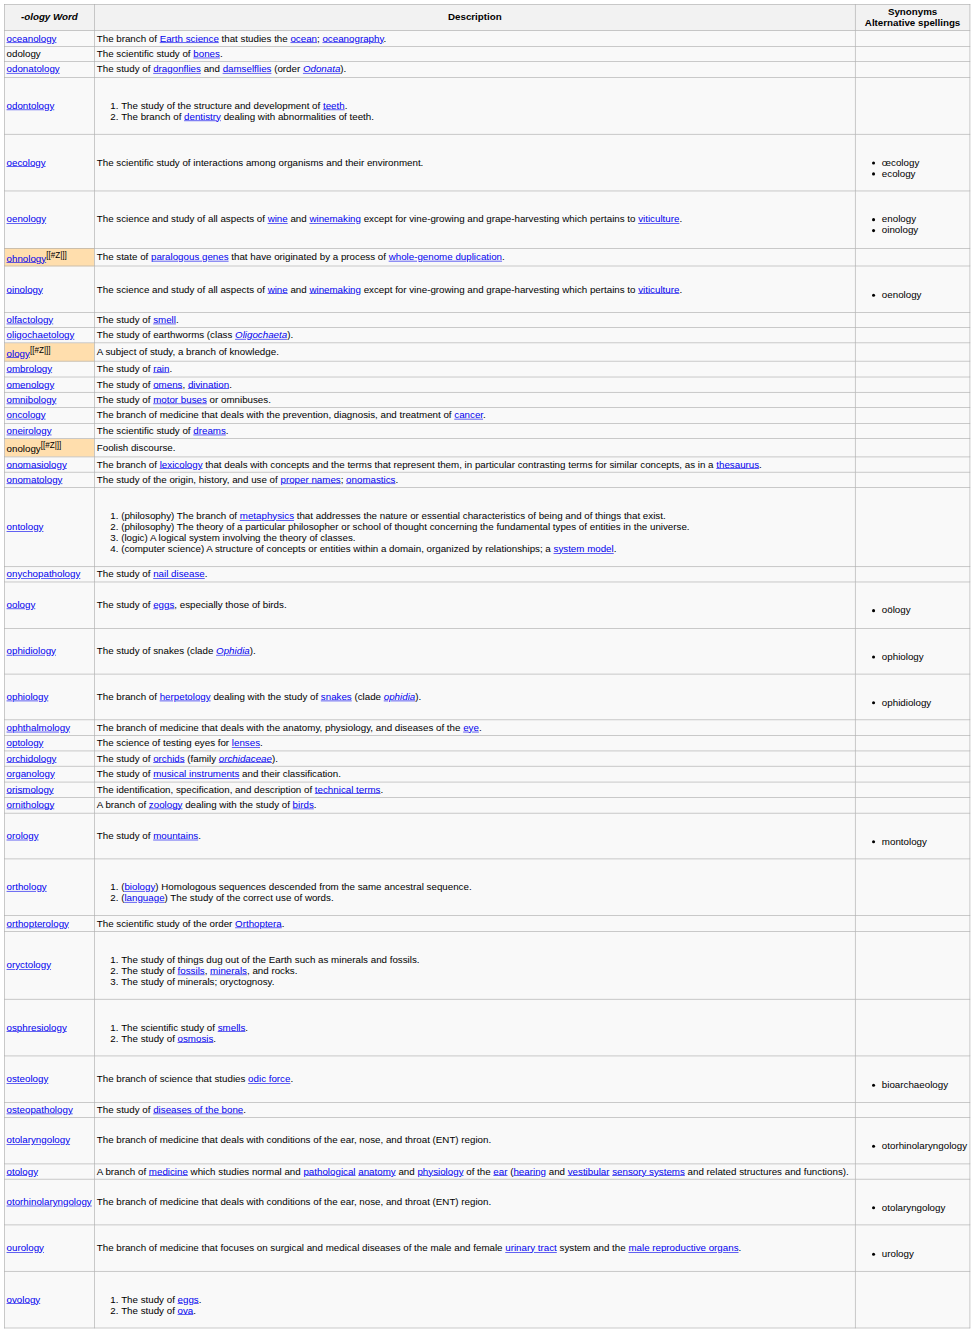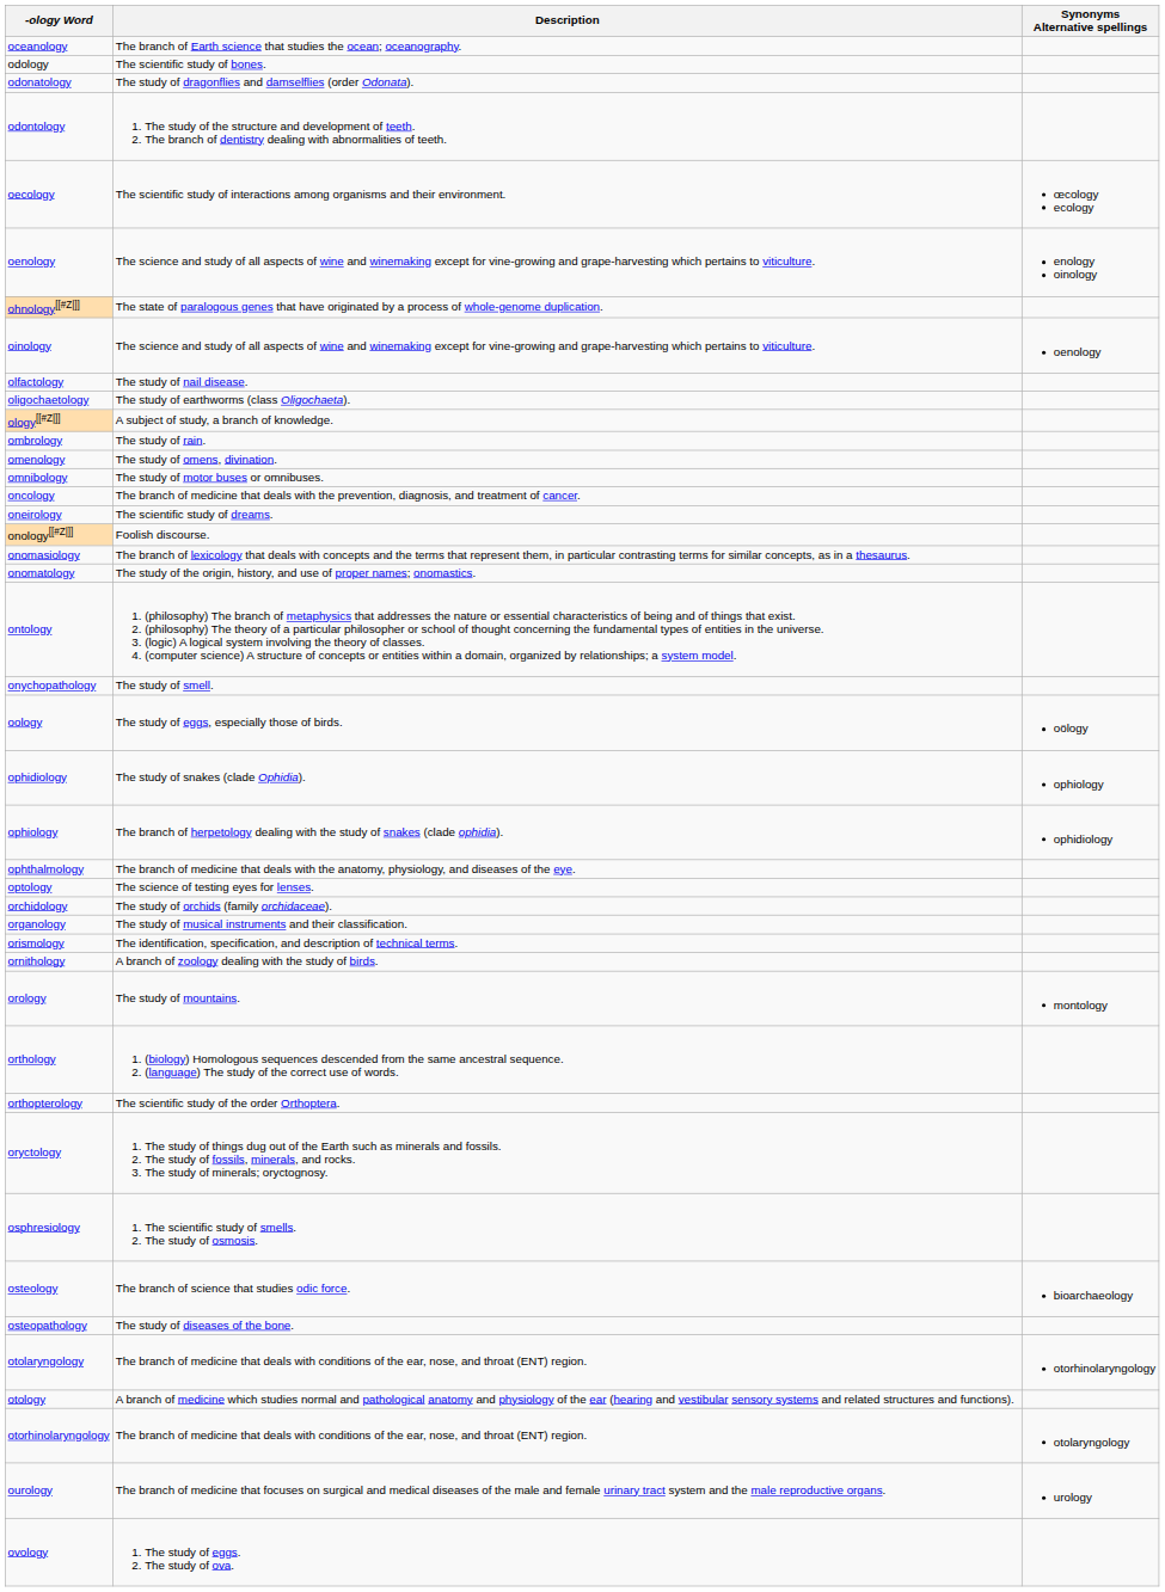 <table class="wikitable" style="width:100%;">
 <tr>
 <th><em>-ology Word</em></th>
 <th>Description</th>
 <th>Synonyms<br>Alternative spellings</th>
 </tr>
 <tr>
 <td><a href='#'>oceanology</a></td>
 <td>The branch of <a href='#'>Earth science</a> that studies the <a href='#'>ocean</a>; <a href='#'>oceanography</a>.</td>
 <td></td>
 </tr>
 <tr>
 <td>odology</td>
 <td>The scientific study of <a href='#'>bones</a>.</td>
 <td></td>
 </tr>
 <tr>
 <td><a href='#'>odonatology</a></td>
 <td>The study of <a href='#'>dragonflies</a> and <a href='#'>damselflies</a> (order <em><a href='#'>Odonata</a></em>).</td>
 <td></td>
 </tr>
 <tr>
 <td><a href='#'>odontology</a></td>
 <td><br><ol><li>The study of the structure and development of <a href='#'>teeth</a>.</li><li>The branch of <a href='#'>dentistry</a> dealing with abnormalities of teeth.</li></ol></td>
 <td></td>
 </tr>
 <tr>
 <td><a href='#'>oecology</a></td>
 <td>The scientific study of interactions among organisms and their environment.</td>
 <td><br><ul><li>œcology</li><li>ecology</li></ul></td>
 </tr>
 <tr>
 <td><a href='#'>oenology</a></td>
 <td>The science and study of all aspects of <a href='#'>wine</a> and <a href='#'>winemaking</a> except for vine-growing and grape-harvesting which pertains to <a href='#'>viticulture</a>.</td>
 <td><br><ul><li>enology</li><li>oinology</li></ul></td>
 </tr>
 <tr>
 <td style="background: #ffdead"><a href='#'>ohnology</a><sup>[[#Z|]]</sup></td>
 <td>The state of <a href='#'>paralogous genes</a> that have originated by a process of <a href='#'>whole-genome duplication</a>.</td>
 <td></td>
 </tr>
 <tr>
 <td><a href='#'>oinology</a></td>
 <td>The science and study of all aspects of <a href='#'>wine</a> and <a href='#'>winemaking</a> except for vine-growing and grape-harvesting which pertains to <a href='#'>viticulture</a>.</td>
 <td><br><ul><li>oenology</li></ul></td>
 </tr>
 <tr>
 <td><a href='#'>olfactology</a></td>
-<td>The study of <a href='#'>smell</a>.</td>
+<td>The study of <a href='#'>nail disease</a>.</td>
 <td></td>
 </tr>
 <tr>
 <td><a href='#'>oligochaetology</a></td>
 <td>The study of earthworms (class <em><a href='#'>Oligochaeta</a></em>).</td>
 <td></td>
 </tr>
 <tr>
 <td style="background: #ffdead"><a href='#'>ology</a><sup>[[#Z|]]</sup></td>
 <td>A subject of study, a branch of knowledge.</td>
 <td></td>
 </tr>
 <tr>
 <td><a href='#'>ombrology</a></td>
 <td>The study of <a href='#'>rain</a>.</td>
 <td></td>
 </tr>
 <tr>
 <td><a href='#'>omenology</a></td>
 <td>The study of <a href='#'>omens</a>, <a href='#'>divination</a>.</td>
 <td></td>
 </tr>
 <tr>
 <td><a href='#'>omnibology</a></td>
 <td>The study of <a href='#'>motor buses</a> or omnibuses.</td>
 <td></td>
 </tr>
 <tr>
 <td><a href='#'>oncology</a></td>
 <td>The branch of medicine that deals with the prevention, diagnosis, and treatment of <a href='#'>cancer</a>.</td>
 <td></td>
 </tr>
 <tr>
 <td><a href='#'>oneirology</a></td>
 <td>The scientific study of <a href='#'>dreams</a>.</td>
 <td></td>
 </tr>
 <tr>
 <td style="background: #ffdead">onology<sup>[[#Z|]]</sup></td>
 <td>Foolish discourse.</td>
 <td></td>
 </tr>
 <tr>
 <td><a href='#'>onomasiology</a></td>
 <td>The branch of <a href='#'>lexicology</a> that deals with concepts and the terms that represent them, in particular contrasting terms for similar concepts, as in a <a href='#'>thesaurus</a>.</td>
 <td></td>
 </tr>
 <tr>
 <td><a href='#'>onomatology</a></td>
 <td>The study of the origin, history, and use of <a href='#'>proper names</a>; <a href='#'>onomastics</a>.</td>
 <td></td>
 </tr>
 <tr>
 <td><a href='#'>ontology</a></td>
 <td><br><ol><li>(philosophy) The branch of <a href='#'>metaphysics</a> that addresses the nature or essential characteristics of being and of things that exist.</li><li>(philosophy) The theory of a particular philosopher or school of thought concerning the fundamental types of entities in the universe.</li><li>(logic) A logical system involving the theory of classes.</li><li>(computer science) A structure of concepts or entities within a domain, organized by relationships; a <a href='#'>system model</a>.</li></ol></td>
 <td></td>
 </tr>
 <tr>
 <td><a href='#'>onychopathology</a></td>
-<td>The study of <a href='#'>nail disease</a>.</td>
+<td>The study of <a href='#'>smell</a>.</td>
 <td></td>
 </tr>
 <tr>
 <td><a href='#'>oology</a></td>
 <td>The study of <a href='#'>eggs</a>, especially those of birds.</td>
 <td><br><ul><li>oölogy</li></ul></td>
 </tr>
 <tr>
 <td><a href='#'>ophidiology</a></td>
 <td>The study of snakes (clade <em><a href='#'>Ophidia</a></em>).</td>
 <td><br><ul><li>ophiology</li></ul></td>
 </tr>
 <tr>
 <td><a href='#'>ophiology</a></td>
 <td>The branch of <a href='#'>herpetology</a> dealing with the study of <a href='#'>snakes</a> (clade <em><a href='#'>ophidia</a></em>).</td>
 <td><br><ul><li>ophidiology</li></ul></td>
 </tr>
 <tr>
 <td><a href='#'>ophthalmology</a></td>
 <td>The branch of medicine that deals with the anatomy, physiology, and diseases of the <a href='#'>eye</a>.</td>
 <td></td>
 </tr>
 <tr>
 <td><a href='#'>optology</a></td>
 <td>The science of testing eyes for <a href='#'>lenses</a>.</td>
 <td></td>
 </tr>
 <tr>
 <td><a href='#'>orchidology</a></td>
 <td>The study of <a href='#'>orchids</a> (family <em><a href='#'>orchidaceae</a></em>).</td>
 <td></td>
 </tr>
 <tr>
 <td><a href='#'>organology</a></td>
 <td>The study of <a href='#'>musical instruments</a> and their classification.</td>
 <td></td>
 </tr>
 <tr>
 <td><a href='#'>orismology</a></td>
 <td>The identification, specification, and description of <a href='#'>technical terms</a>.</td>
 <td></td>
 </tr>
 <tr>
 <td><a href='#'>ornithology</a></td>
 <td>A branch of <a href='#'>zoology</a> dealing with the study of <a href='#'>birds</a>.</td>
 <td></td>
 </tr>
 <tr>
 <td><a href='#'>orology</a></td>
 <td>The study of <a href='#'>mountains</a>.</td>
 <td><br><ul><li>montology</li></ul></td>
 </tr>
 <tr>
 <td><a href='#'>orthology</a></td>
 <td><br><ol><li>(<a href='#'>biology</a>) Homologous sequences descended from the same ancestral sequence.</li><li>(<a href='#'>language</a>) The study of the correct use of words.</li></ol></td>
 <td></td>
 </tr>
 <tr>
 <td><a href='#'>orthopterology</a></td>
 <td>The scientific study of the order <a href='#'>Orthoptera</a>.</td>
 <td></td>
 </tr>
 <tr>
 <td><a href='#'>oryctology</a></td>
 <td><br><ol><li>The study of things dug out of the Earth such as minerals and fossils.</li><li>The study of <a href='#'>fossils</a>, <a href='#'>minerals</a>, and rocks.</li><li>The study of minerals; oryctognosy.</li></ol></td>
 <td></td>
 </tr>
 <tr>
 <td><a href='#'>osphresiology</a></td>
 <td><br><ol><li>The scientific study of <a href='#'>smells</a>.</li><li>The study of <a href='#'>osmosis</a>.</li></ol></td>
 <td></td>
 </tr>
 <tr>
 <td><a href='#'>osteology</a></td>
 <td>The branch of science that studies <a href='#'>odic force</a>.</td>
 <td><br><ul><li>bioarchaeology</li></ul></td>
 </tr>
 <tr>
 <td><a href='#'>osteopathology</a></td>
 <td>The study of <a href='#'>diseases of the bone</a>.</td>
 <td></td>
 </tr>
 <tr>
 <td><a href='#'>otolaryngology</a></td>
 <td>The branch of medicine that deals with conditions of the ear, nose, and throat (ENT) region.</td>
 <td><br><ul><li>otorhinolaryngology</li></ul></td>
 </tr>
 <tr>
 <td><a href='#'>otology</a></td>
 <td>A branch of <a href='#'>medicine</a> which studies normal and <a href='#'>pathological</a> <a href='#'>anatomy</a> and <a href='#'>physiology</a> of the <a href='#'>ear</a> (<a href='#'>hearing</a> and <a href='#'>vestibular</a> <a href='#'>sensory systems</a> and related structures and functions).</td>
 <td></td>
 </tr>
 <tr>
 <td><a href='#'>otorhinolaryngology</a></td>
 <td>The branch of medicine that deals with conditions of the ear, nose, and throat (ENT) region.</td>
 <td><br><ul><li>otolaryngology</li></ul></td>
 </tr>
 <tr>
 <td><a href='#'>ourology</a></td>
 <td>The branch of medicine that focuses on surgical and medical diseases of the male and female <a href='#'>urinary tract</a> system and the <a href='#'>male reproductive organs</a>.</td>
 <td><br><ul><li>urology</li></ul></td>
 </tr>
 <tr>
 <td><a href='#'>ovology</a></td>
 <td><br><ol><li>The study of <a href='#'>eggs</a>.</li><li>The study of <a href='#'>ova</a>.</li></ol></td>
 <td></td>
 </tr>
 </table>
